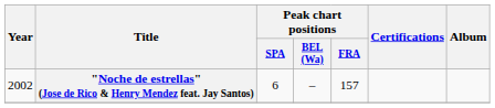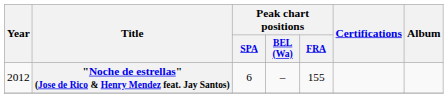 <table class="wikitable plainrowheaders" style="text-align:center;">
 <tr>
 <th scope="col" rowspan="2">Year</th>
 <th scope="col" rowspan="2">Title</th>
 <th scope="col" colspan="3">Peak chart positions</th>
 <th scope="col" rowspan="2"><a href='#'>Certifications</a></th>
 <th scope="col" rowspan="2">Album</th>
 </tr>
 <tr>
 <th scope="col" style="width:3em;font-size:85%;"><a href='#'>SPA</a><br></th>
 <th scope="col" style="width:3em;font-size:85%;"><a href='#'>BEL <br>(Wa)</a><br></th>
 <th scope="col" style="width:3em;font-size:85%;"><a href='#'>FRA</a><br></th>
 </tr>
 <tr>
-<td rowspan="1">2002</td>
+<td rowspan="1">2012</td>
 <th scope="row">"<a href='#'>Noche de estrellas</a>" <br><small>(<a href='#'>Jose de Rico</a> & <a href='#'>Henry Mendez</a> feat. Jay Santos)</small></th>
 <td>6</td>
 <td>–</td>
-<td>157</td>
+<td>155</td>
 <td></td>
 <td></td>
 </tr>
 <tr>
 </tr>
 </table>
